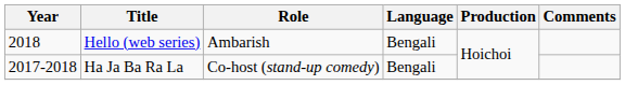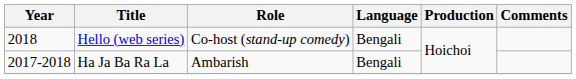 <table class="wikitable">
 <tr>
 <th>Year</th>
 <th>Title</th>
 <th>Role</th>
 <th>Language</th>
 <th>Production</th>
 <th>Comments</th>
 </tr>
 <tr>
 <td>2018</td>
 <td><a href='#'>Hello (web series)</a></td>
-<td>Ambarish</td>
+<td>Co-host (<em>stand-up comedy</em>)</td>
 <td>Bengali</td>
 <td rowspan="2">Hoichoi</td>
 <td></td>
 </tr>
 <tr>
 <td>2017-2018</td>
 <td>Ha Ja Ba Ra La</td>
-<td>Co-host (<em>stand-up comedy</em>)</td>
+<td>Ambarish</td>
 <td>Bengali</td>
 <td></td>
 </tr>
 <tr>
 </tr>
 </table>
